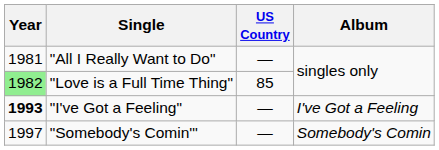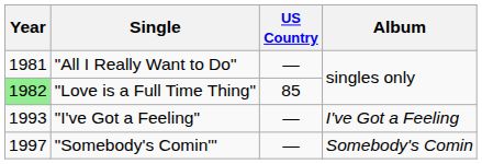 <table class="wikitable">
 <tr>
 <th>Year</th>
 <th>Single</th>
 <th width="50"><small><a href='#'>US Country</a></small></th>
 <th>Album</th>
 </tr>
 <tr>
 <td>1981</td>
 <td>"All I Really Want to Do"</td>
 <td align="center">—</td>
 <td rowspan="2">singles only</td>
 </tr>
 <tr>
 <td style="background: lightgreen;">1982</td>
 <td>"Love is a Full Time Thing"</td>
 <td align="center">85</td>
 </tr>
 <tr>
-<td><strong>1993</strong></td>
+<td>1993</td>
 <td>"I've Got a Feeling"</td>
 <td align="center">—</td>
 <td><em>I've Got a Feeling</em></td>
 </tr>
 <tr>
 <td>1997</td>
 <td>"Somebody's Comin'"</td>
 <td align="center">—</td>
 <td><em>Somebody's Comin<strong></td>
 </tr>
 </table>
